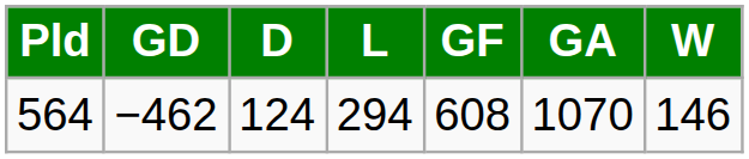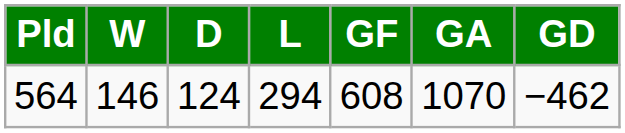 <table class="wikitable" style="text-align:center;">
 <tr>
 <th style="background-color:#008000; color:white; ">Pld</th>
-<th style="background-color:#008000; color:white; ">GD</th>
+<th style="background-color:#008000; color:white; ">W</th>
 <th style="background-color:#008000; color:white; ">D</th>
 <th style="background-color:#008000; color:white; ">L</th>
 <th style="background-color:#008000; color:white; ">GF</th>
 <th style="background-color:#008000; color:white; ">GA</th>
-<th style="background-color:#008000; color:white; ">W</th>
+<th style="background-color:#008000; color:white; ">GD</th>
 </tr>
 <tr>
 <td>564</td>
-<td>−462</td>
+<td>146</td>
 <td>124</td>
 <td>294</td>
 <td>608</td>
 <td>1070</td>
-<td>146</td>
+<td>−462</td>
 </tr>
 </table>
